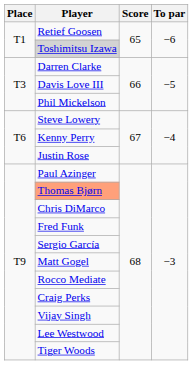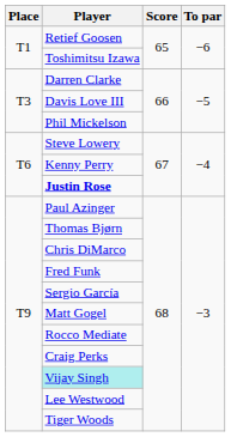 <table class="wikitable">
 <tr>
 <th>Place</th>
 <th>Player</th>
 <th>Score</th>
 <th>To par</th>
 </tr>
 <tr>
 <td rowspan="2" align=center>T1</td>
 <td> <a href='#'>Retief Goosen</a></td>
 <td rowspan="2" align=center>65</td>
 <td rowspan="2" align=center>−6</td>
 </tr>
 <tr>
-<td style="background: lightgrey;"> <a href='#'>Toshimitsu Izawa</a></td>
+<td> <a href='#'>Toshimitsu Izawa</a></td>
 </tr>
 <tr>
 <td rowspan="3" align=center>T3</td>
 <td> <a href='#'>Darren Clarke</a></td>
 <td rowspan="3" align=center>66</td>
 <td rowspan="3" align=center>−5</td>
 </tr>
 <tr>
 <td> <a href='#'>Davis Love III</a></td>
 </tr>
 <tr>
 <td> <a href='#'>Phil Mickelson</a></td>
 </tr>
 <tr>
 <td rowspan="3" align=center>T6</td>
 <td> <a href='#'>Steve Lowery</a></td>
 <td rowspan="3" align=center>67</td>
 <td rowspan="3" align=center>−4</td>
 </tr>
 <tr>
 <td> <a href='#'>Kenny Perry</a></td>
 </tr>
 <tr>
-<td> <a href='#'>Justin Rose</a></td>
+<td><strong> <a href='#'>Justin Rose</a></strong></td>
 </tr>
 <tr>
 <td rowspan="11" align=center>T9</td>
 <td> <a href='#'>Paul Azinger</a></td>
 <td rowspan="11" align=center>68</td>
 <td rowspan="11" align=center>−3</td>
 </tr>
 <tr>
-<td style="background: lightsalmon;"> <a href='#'>Thomas Bjørn</a></td>
+<td> <a href='#'>Thomas Bjørn</a></td>
 </tr>
 <tr>
 <td> <a href='#'>Chris DiMarco</a></td>
 </tr>
 <tr>
 <td> <a href='#'>Fred Funk</a></td>
 </tr>
 <tr>
 <td> <a href='#'>Sergio García</a></td>
 </tr>
 <tr>
 <td> <a href='#'>Matt Gogel</a></td>
 </tr>
 <tr>
 <td> <a href='#'>Rocco Mediate</a></td>
 </tr>
 <tr>
 <td> <a href='#'>Craig Perks</a></td>
 </tr>
 <tr>
-<td> <a href='#'>Vijay Singh</a></td>
+<td style="background: paleturquoise;"> <a href='#'>Vijay Singh</a></td>
 </tr>
 <tr>
 <td> <a href='#'>Lee Westwood</a></td>
 </tr>
 <tr>
 <td> <a href='#'>Tiger Woods</a></td>
 </tr>
 </table>
